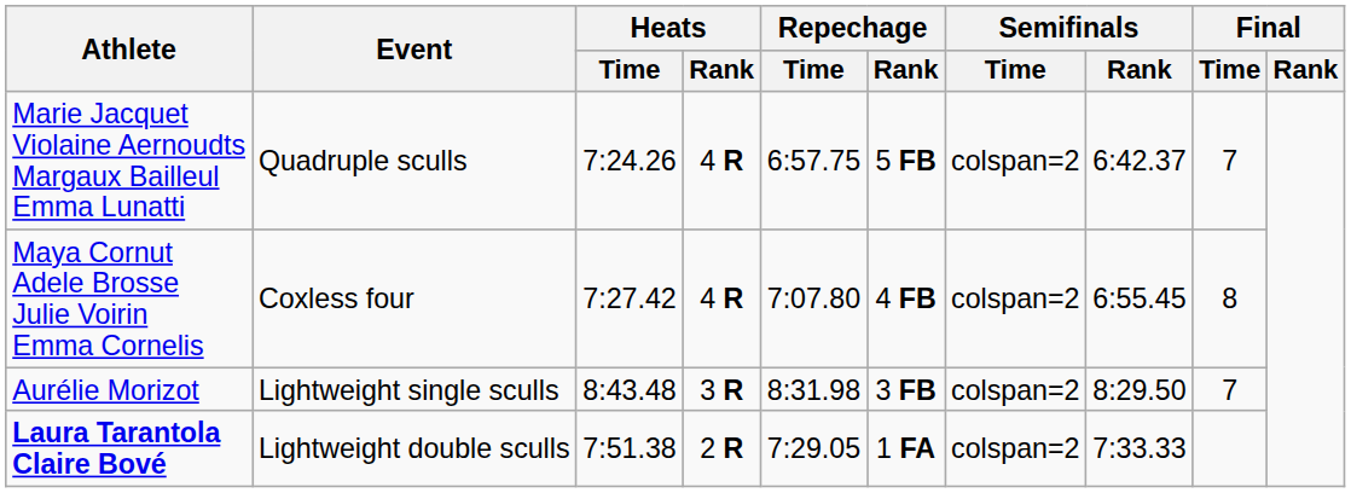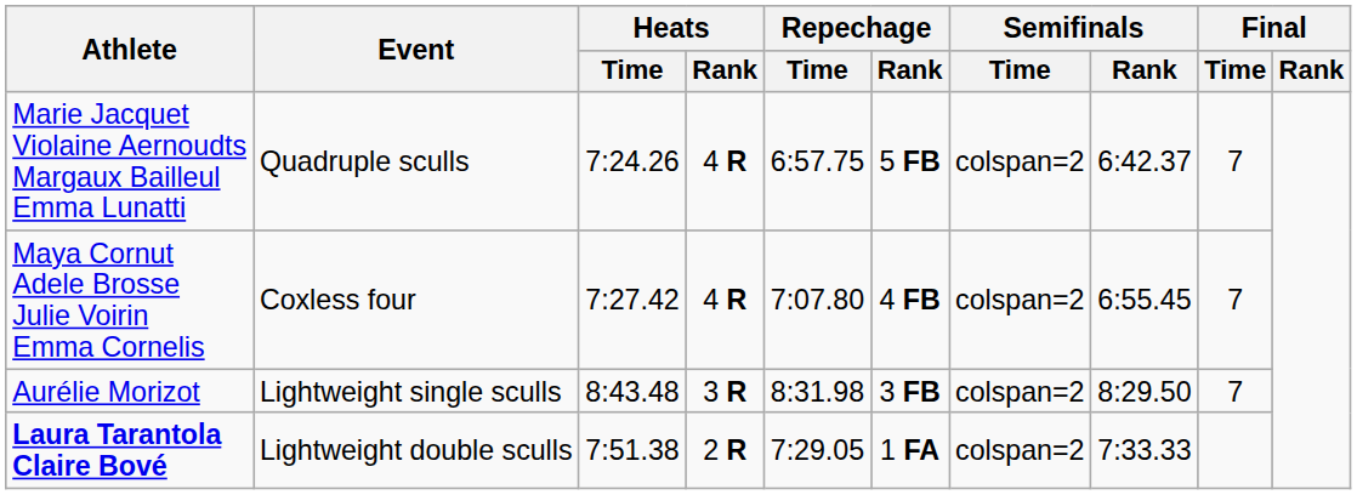 <table class="wikitable" style="font-size:90%">
 <tr>
 <th rowspan="2">Athlete</th>
 <th rowspan="2">Event</th>
 <th colspan="2">Heats</th>
 <th colspan="2">Repechage</th>
 <th colspan="2">Semifinals</th>
 <th colspan="2">Final</th>
 </tr>
 <tr style="font-size:95%">
 <th>Time</th>
 <th>Rank</th>
 <th>Time</th>
 <th>Rank</th>
 <th>Time</th>
 <th>Rank</th>
 <th>Time</th>
 <th>Rank</th>
 </tr>
 <tr align=center>
 <td align=left><a href='#'>Marie Jacquet</a><br><a href='#'>Violaine Aernoudts</a><br><a href='#'>Margaux Bailleul</a><br><a href='#'>Emma Lunatti</a></td>
 <td align=left>Quadruple sculls</td>
 <td>7:24.26</td>
 <td>4 <strong>R</strong></td>
 <td>6:57.75</td>
 <td>5 <strong>FB</strong></td>
 <td>colspan=2</td>
 <td>6:42.37</td>
 <td>7</td>
 </tr>
 <tr align=center>
 <td align=left><a href='#'>Maya Cornut</a><br><a href='#'>Adele Brosse</a><br><a href='#'>Julie Voirin</a><br><a href='#'>Emma Cornelis</a></td>
 <td align=left>Coxless four</td>
 <td>7:27.42</td>
 <td>4 <strong>R</strong></td>
 <td>7:07.80</td>
 <td>4 <strong>FB</strong></td>
 <td>colspan=2</td>
 <td>6:55.45</td>
-<td>8</td>
+<td>7</td>
 </tr>
 <tr align=center>
 <td align=left><a href='#'>Aurélie Morizot</a></td>
 <td align=left>Lightweight single sculls</td>
 <td>8:43.48</td>
 <td>3 <strong>R</strong></td>
 <td>8:31.98</td>
 <td>3 <strong>FB</strong></td>
 <td>colspan=2</td>
 <td>8:29.50</td>
 <td>7</td>
 </tr>
 <tr align=center>
 <td align=left><strong><a href='#'>Laura Tarantola</a><br><a href='#'>Claire Bové</a></strong></td>
 <td align=left>Lightweight double sculls</td>
 <td>7:51.38</td>
 <td>2 <strong>R</strong></td>
 <td>7:29.05</td>
 <td>1 <strong>FA</strong></td>
 <td>colspan=2</td>
 <td>7:33.33</td>
 <td></td>
 </tr>
 </table>
